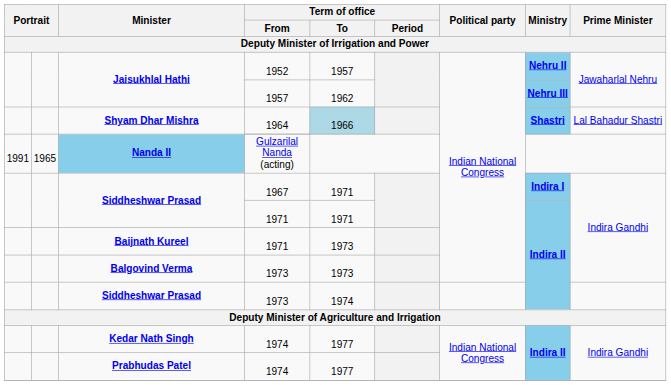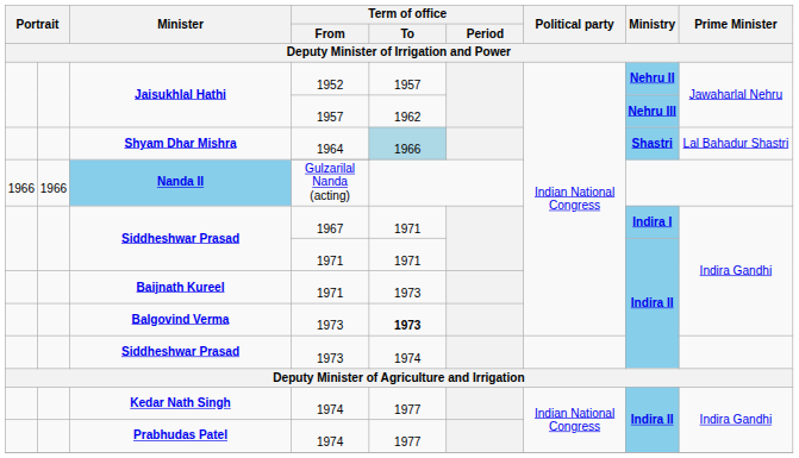 <table class="wikitable" style="text-align:center">
 <tr>
 <th rowspan="2" colspan="2">Portrait</th>
 <th rowspan="2" style="width:18em">Minister<br></th>
 <th colspan="3">Term of office</th>
 <th rowspan="2" style="width:8em">Political party</th>
 <th rowspan="2">Ministry</th>
 <th rowspan="2" style="width:9em">Prime Minister</th>
 </tr>
 <tr>
 <th style="width:6em">From</th>
 <th style="width:6em">To</th>
 <th style="width:6em">Period</th>
 </tr>
 <tr>
 <th colspan="9">Deputy Minister of Irrigation and Power</th>
 </tr>
 <tr>
 <td rowspan="2"></td>
 <td rowspan="2"></td>
 <td rowspan="2"><strong><a href='#'>Jaisukhlal Hathi</a></strong><br></td>
 <td><br>1952</td>
 <td><br>1957</td>
 <th rowspan="2"></th>
 <td rowspan="9"><a href='#'>Indian National Congress</a></td>
 <td bgcolor="#87CEEB"><strong><a href='#'>Nehru II</a></strong></td>
 <td rowspan="2"><a href='#'>Jawaharlal Nehru</a></td>
 </tr>
 <tr>
 <td><br>1957</td>
 <td><br>1962</td>
 <td bgcolor="#87CEEB"><strong><a href='#'>Nehru III</a></strong></td>
 </tr>
 <tr>
 <td rowspan="2"></td>
 <td rowspan="2"></td>
 <td rowspan="2"><strong><a href='#'>Shyam Dhar Mishra</a></strong><br></td>
 <td><br>1964</td>
 <td style="background: lightblue;"><br>1966</td>
 <th rowspan="2"></th>
 <td bgcolor="#87CEEB"><strong><a href='#'>Shastri</a></strong></td>
 <td><a href='#'>Lal Bahadur Shastri</a></td>
 </tr>
 <tr>
 </tr>
 <tr>
-<td><br>1991</td>
-<td><br>1965</td>
+<td><br>1966</td>
+<td><br>1966</td>
 <td bgcolor="#87CEEB"><strong><a href='#'>Nanda II</a></strong></td>
 <td><a href='#'>Gulzarilal Nanda</a><br>(acting)</td>
 </tr>
 <tr>
 <td rowspan="2"></td>
 <td rowspan="2"></td>
 <td rowspan="2"><strong><a href='#'>Siddheshwar Prasad</a></strong><br></td>
 <td><br>1967</td>
 <td><br>1971</td>
 <th rowspan="2"></th>
 <td bgcolor="#87CEEB"><strong><a href='#'>Indira I</a></strong></td>
 <td rowspan="4"><a href='#'>Indira Gandhi</a></td>
 </tr>
 <tr>
 <td><br>1971</td>
 <td><br>1971</td>
 <td rowspan="4" bgcolor="#87CEEB"><strong><a href='#'>Indira II</a></strong></td>
 </tr>
 <tr>
 <td></td>
 <td></td>
 <td><strong><a href='#'>Baijnath Kureel</a></strong><br></td>
 <td><br>1971</td>
 <td><br>1973</td>
 <th></th>
 </tr>
 <tr>
 <td></td>
 <td></td>
 <td><strong><a href='#'>Balgovind Verma</a></strong><br></td>
 <td><br>1973</td>
-<td><br>1973</td>
+<td><strong><br>1973</strong></td>
 <th></th>
 </tr>
 <tr>
 <td></td>
 <td></td>
 <td><strong><a href='#'>Siddheshwar Prasad</a></strong><br></td>
 <td><br>1973</td>
 <td><br>1974</td>
 <th></th>
 </tr>
 <tr>
 <th colspan="9">Deputy Minister of Agriculture and Irrigation</th>
 </tr>
 <tr>
 <td></td>
 <td></td>
 <td><strong><a href='#'>Kedar Nath Singh</a></strong><br></td>
 <td><br>1974</td>
 <td><br>1977</td>
 <th></th>
 <td rowspan="2"><a href='#'>Indian National Congress</a></td>
 <td rowspan="2" bgcolor="#87CEEB"><strong><a href='#'>Indira II</a></strong></td>
 <td rowspan="2"><a href='#'>Indira Gandhi</a></td>
 </tr>
 <tr>
 <td></td>
 <td></td>
 <td><strong><a href='#'>Prabhudas Patel</a></strong><br></td>
 <td><br>1974</td>
 <td><br>1977</td>
 <th></th>
 </tr>
 <tr>
 </tr>
 </table>
